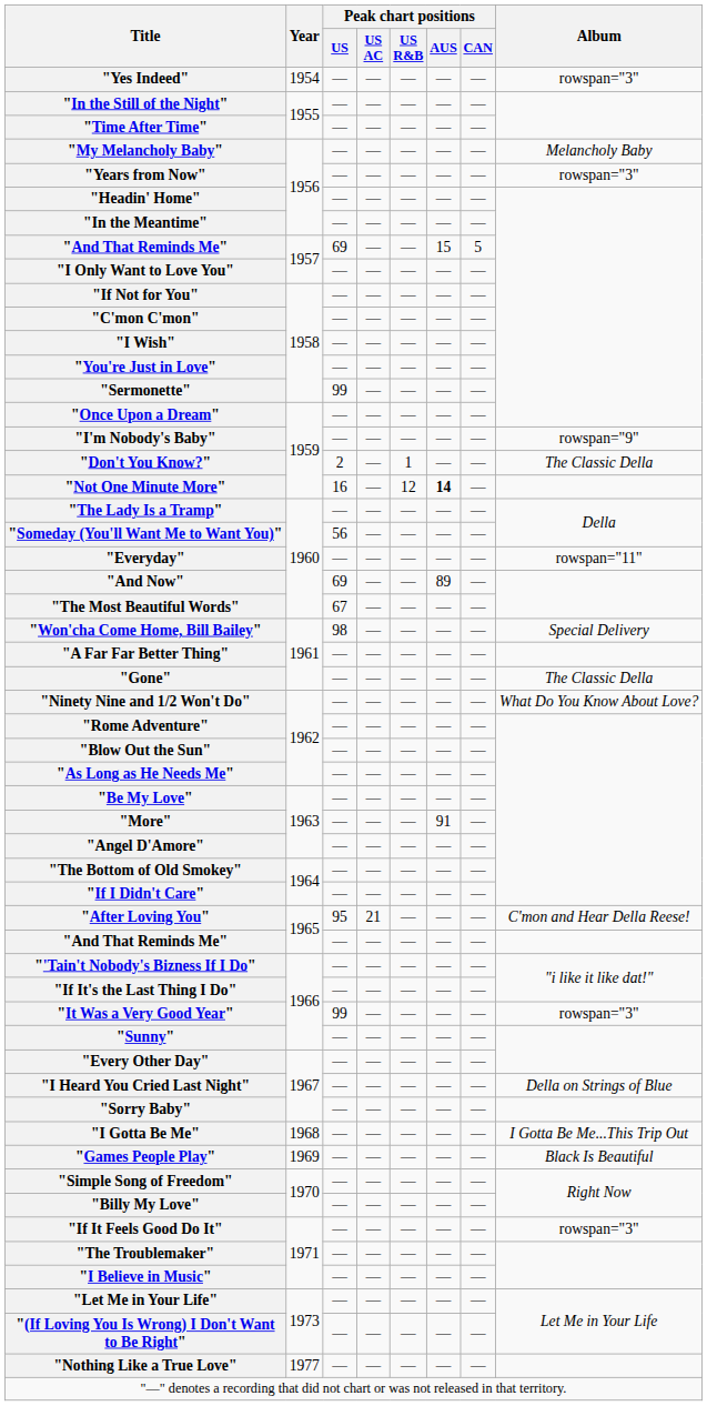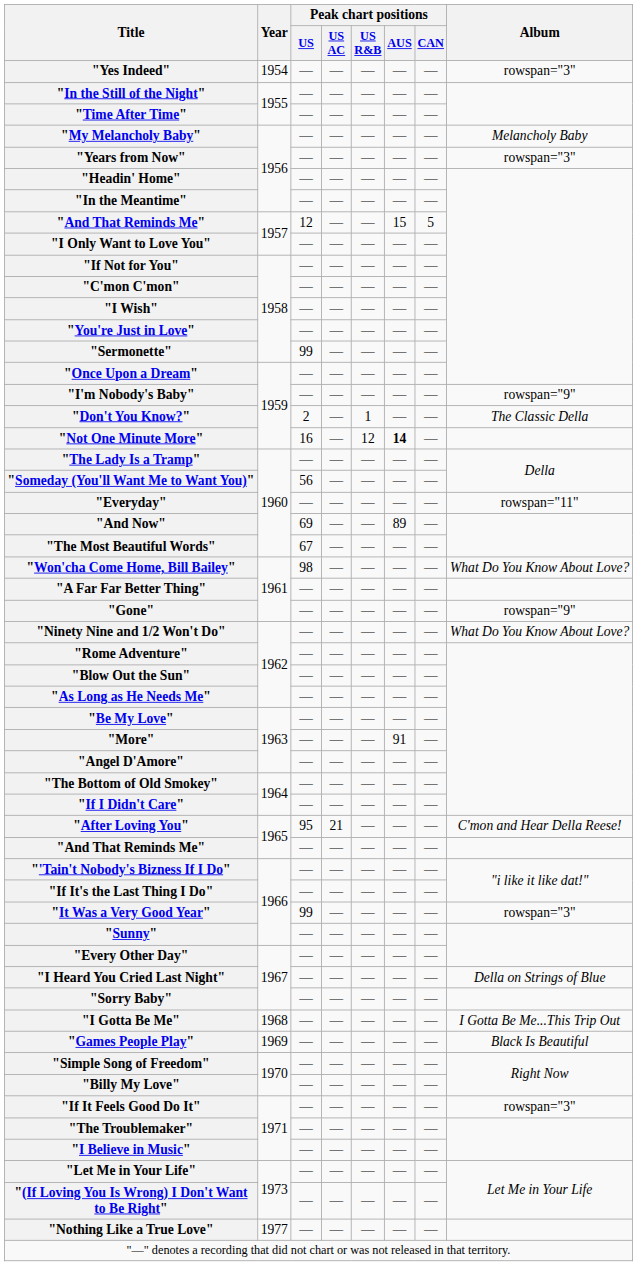 <table class="wikitable plainrowheaders" style="text-align:center;" border="1">
 <tr>
 <th scope="col" rowspan="2" style="width:18m;">Title</th>
 <th scope="col" rowspan="2">Year</th>
 <th scope="col" colspan="5">Peak chart positions</th>
 <th scope="col" rowspan="2">Album</th>
 </tr>
 <tr>
 <th scope="col" style="width:2em;font-size:90%;"><a href='#'>US</a><br></th>
 <th scope="col" style="width:2em;font-size:90%;"><a href='#'>US<br>AC</a><br></th>
 <th scope="col" style="width:2em;font-size:90%;"><a href='#'>US<br>R&B</a><br></th>
 <th scope="col" style="width:2em;font-size:90%;"><a href='#'>AUS</a><br></th>
 <th scope="col" style="width:2em;font-size:90%;"><a href='#'>CAN</a><br></th>
 </tr>
 <tr>
 <th scope="row">"Yes Indeed"</th>
 <td>1954</td>
 <td>—</td>
 <td>—</td>
 <td>—</td>
 <td>—</td>
 <td>—</td>
 <td>rowspan="3" </td>
 </tr>
 <tr>
 <th scope="row">"<a href='#'>In the Still of the Night</a>"</th>
 <td rowspan="2">1955</td>
 <td>—</td>
 <td>—</td>
 <td>—</td>
 <td>—</td>
 <td>—</td>
 </tr>
 <tr>
 <th scope="row">"<a href='#'>Time After Time</a>"</th>
 <td>—</td>
 <td>—</td>
 <td>—</td>
 <td>—</td>
 <td>—</td>
 </tr>
 <tr>
 <th scope="row">"<a href='#'>My Melancholy Baby</a>"</th>
 <td rowspan="4">1956</td>
 <td>—</td>
 <td>—</td>
 <td>—</td>
 <td>—</td>
 <td>—</td>
 <td><em>Melancholy Baby</em></td>
 </tr>
 <tr>
 <th scope="row">"Years from Now"</th>
 <td>—</td>
 <td>—</td>
 <td>—</td>
 <td>—</td>
 <td>—</td>
 <td>rowspan="3" </td>
 </tr>
 <tr>
 <th scope="row">"Headin' Home"</th>
 <td>—</td>
 <td>—</td>
 <td>—</td>
 <td>—</td>
 <td>—</td>
 </tr>
 <tr>
 <th scope="row">"In the Meantime"</th>
 <td>—</td>
 <td>—</td>
 <td>—</td>
 <td>—</td>
 <td>—</td>
 </tr>
 <tr>
 <th scope="row">"<a href='#'>And That Reminds Me</a>"</th>
 <td rowspan="2">1957</td>
-<td>69</td>
+<td>12</td>
 <td>—</td>
 <td>—</td>
 <td>15</td>
 <td>5</td>
 </tr>
 <tr>
 <th scope="row">"I Only Want to Love You"</th>
 <td>—</td>
 <td>—</td>
 <td>—</td>
 <td>—</td>
 <td>—</td>
 </tr>
 <tr>
 <th scope="row">"If Not for You"</th>
 <td rowspan="5">1958</td>
 <td>—</td>
 <td>—</td>
 <td>—</td>
 <td>—</td>
 <td>—</td>
 </tr>
 <tr>
 <th scope="row">"C'mon C'mon"</th>
 <td>—</td>
 <td>—</td>
 <td>—</td>
 <td>—</td>
 <td>—</td>
 </tr>
 <tr>
 <th scope="row">"I Wish"</th>
 <td>—</td>
 <td>—</td>
 <td>—</td>
 <td>—</td>
 <td>—</td>
 </tr>
 <tr>
 <th scope="row">"<a href='#'>You're Just in Love</a>"<br></th>
 <td>—</td>
 <td>—</td>
 <td>—</td>
 <td>—</td>
 <td>—</td>
 </tr>
 <tr>
 <th scope="row">"Sermonette"</th>
 <td>99</td>
 <td>—</td>
 <td>—</td>
 <td>—</td>
 <td>—</td>
 </tr>
 <tr>
 <th scope="row">"<a href='#'>Once Upon a Dream</a>"</th>
 <td rowspan="4">1959</td>
 <td>—</td>
 <td>—</td>
 <td>—</td>
 <td>—</td>
 <td>—</td>
 </tr>
 <tr>
 <th scope="row">"I'm Nobody's Baby"</th>
 <td>—</td>
 <td>—</td>
 <td>—</td>
 <td>—</td>
 <td>—</td>
 <td>rowspan="9" </td>
 </tr>
 <tr>
 <th scope="row">"<a href='#'>Don't You Know?</a>"</th>
 <td>2</td>
 <td>—</td>
 <td>1</td>
 <td>—</td>
 <td>—</td>
 <td><em>The Classic Della</em></td>
 </tr>
 <tr>
 <th scope="row">"<a href='#'>Not One Minute More</a>"</th>
 <td>16</td>
 <td>—</td>
 <td>12</td>
 <td><strong>14</strong></td>
 <td>—</td>
 <td></td>
 </tr>
 <tr>
 <th scope="row">"<a href='#'>The Lady Is a Tramp</a>"</th>
 <td rowspan="5">1960</td>
 <td>—</td>
 <td>—</td>
 <td>—</td>
 <td>—</td>
 <td>—</td>
 <td rowspan="2"><em>Della</em></td>
 </tr>
 <tr>
 <th scope="row">"<a href='#'>Someday (You'll Want Me to Want You)</a>"</th>
 <td>56</td>
 <td>—</td>
 <td>—</td>
 <td>—</td>
 <td>—</td>
 </tr>
 <tr>
 <th scope="row">"Everyday"</th>
 <td>—</td>
 <td>—</td>
 <td>—</td>
 <td>—</td>
 <td>—</td>
 <td>rowspan="11" </td>
 </tr>
 <tr>
 <th scope="row">"And Now"</th>
 <td>69</td>
 <td>—</td>
 <td>—</td>
 <td>89</td>
 <td>—</td>
 </tr>
 <tr>
 <th scope="row">"The Most Beautiful Words"</th>
 <td>67</td>
 <td>—</td>
 <td>—</td>
 <td>—</td>
 <td>—</td>
 </tr>
 <tr>
 <th scope="row">"<a href='#'>Won'cha Come Home, Bill Bailey</a>"</th>
 <td rowspan="3">1961</td>
 <td>98</td>
 <td>—</td>
 <td>—</td>
 <td>—</td>
 <td>—</td>
-<td><em>Special Delivery</em></td>
+<td><em>What Do You Know About Love?</em></td>
 </tr>
 <tr>
 <th scope="row">"A Far Far Better Thing"</th>
 <td>—</td>
 <td>—</td>
 <td>—</td>
 <td>—</td>
 <td>—</td>
 <td></td>
 </tr>
 <tr>
 <th scope="row">"Gone"</th>
 <td>—</td>
 <td>—</td>
 <td>—</td>
 <td>—</td>
 <td>—</td>
-<td><em>The Classic Della</em></td>
+<td>rowspan="9" </td>
 </tr>
 <tr>
 <th scope="row">"Ninety Nine and 1/2 Won't Do"<br></th>
 <td rowspan="4">1962</td>
 <td>—</td>
 <td>—</td>
 <td>—</td>
 <td>—</td>
 <td>—</td>
 <td><em>What Do You Know About Love?</em></td>
 </tr>
 <tr>
 <th scope="row">"Rome Adventure"</th>
 <td>—</td>
 <td>—</td>
 <td>—</td>
 <td>—</td>
 <td>—</td>
 </tr>
 <tr>
 <th scope="row">"Blow Out the Sun"</th>
 <td>—</td>
 <td>—</td>
 <td>—</td>
 <td>—</td>
 <td>—</td>
 </tr>
 <tr>
 <th scope="row">"<a href='#'>As Long as He Needs Me</a>"</th>
 <td>—</td>
 <td>—</td>
 <td>—</td>
 <td>—</td>
 <td>—</td>
 </tr>
 <tr>
 <th scope="row">"<a href='#'>Be My Love</a>"</th>
 <td rowspan="3">1963</td>
 <td>—</td>
 <td>—</td>
 <td>—</td>
 <td>—</td>
 <td>—</td>
 </tr>
 <tr>
 <th scope="row">"More"</th>
 <td>—</td>
 <td>—</td>
 <td>—</td>
 <td>91</td>
 <td>—</td>
 </tr>
 <tr>
 <th scope="row">"Angel D'Amore"</th>
 <td>—</td>
 <td>—</td>
 <td>—</td>
 <td>—</td>
 <td>—</td>
 </tr>
 <tr>
 <th scope="row">"The Bottom of Old Smokey"</th>
 <td rowspan="2">1964</td>
 <td>—</td>
 <td>—</td>
 <td>—</td>
 <td>—</td>
 <td>—</td>
 </tr>
 <tr>
 <th scope="row">"<a href='#'>If I Didn't Care</a>"</th>
 <td>—</td>
 <td>—</td>
 <td>—</td>
 <td>—</td>
 <td>—</td>
 </tr>
 <tr>
 <th scope="row">"<a href='#'>After Loving You</a>"</th>
 <td rowspan="2">1965</td>
 <td>95</td>
 <td>21</td>
 <td>—</td>
 <td>—</td>
 <td>—</td>
 <td><em>C'mon and Hear Della Reese!</em></td>
 </tr>
 <tr>
 <th scope="row">"And That Reminds Me"</th>
 <td>—</td>
 <td>—</td>
 <td>—</td>
 <td>—</td>
 <td>—</td>
 <td></td>
 </tr>
 <tr>
 <th scope="row">"<a href='#'>'Tain't Nobody's Bizness If I Do</a>"</th>
 <td rowspan="4">1966</td>
 <td>—</td>
 <td>—</td>
 <td>—</td>
 <td>—</td>
 <td>—</td>
 <td rowspan="2"><em>"i like it like dat!"</em></td>
 </tr>
 <tr>
 <th scope="row">"If It's the Last Thing I Do"</th>
 <td>—</td>
 <td>—</td>
 <td>—</td>
 <td>—</td>
 <td>—</td>
 </tr>
 <tr>
 <th scope="row">"<a href='#'>It Was a Very Good Year</a>"</th>
 <td>99</td>
 <td>—</td>
 <td>—</td>
 <td>—</td>
 <td>—</td>
 <td>rowspan="3" </td>
 </tr>
 <tr>
 <th scope="row">"<a href='#'>Sunny</a>"</th>
 <td>—</td>
 <td>—</td>
 <td>—</td>
 <td>—</td>
 <td>—</td>
 </tr>
 <tr>
 <th scope="row">"Every Other Day"</th>
 <td rowspan="3">1967</td>
 <td>—</td>
 <td>—</td>
 <td>—</td>
 <td>—</td>
 <td>—</td>
 </tr>
 <tr>
 <th scope="row">"I Heard You Cried Last Night"</th>
 <td>—</td>
 <td>—</td>
 <td>—</td>
 <td>—</td>
 <td>—</td>
 <td><em>Della on Strings of Blue</em></td>
 </tr>
 <tr>
 <th scope="row">"Sorry Baby"</th>
 <td>—</td>
 <td>—</td>
 <td>—</td>
 <td>—</td>
 <td>—</td>
 <td></td>
 </tr>
 <tr>
 <th scope="row">"I Gotta Be Me"</th>
 <td>1968</td>
 <td>—</td>
 <td>—</td>
 <td>—</td>
 <td>—</td>
 <td>—</td>
 <td><em>I Gotta Be Me...This Trip Out</em></td>
 </tr>
 <tr>
 <th scope="row">"<a href='#'>Games People Play</a>"</th>
 <td>1969</td>
 <td>—</td>
 <td>—</td>
 <td>—</td>
 <td>—</td>
 <td>—</td>
 <td><em>Black Is Beautiful</em></td>
 </tr>
 <tr>
 <th scope="row">"Simple Song of Freedom"</th>
 <td rowspan="2">1970</td>
 <td>—</td>
 <td>—</td>
 <td>—</td>
 <td>—</td>
 <td>—</td>
 <td rowspan="2"><em>Right Now</em></td>
 </tr>
 <tr>
 <th scope="row">"Billy My Love"</th>
 <td>—</td>
 <td>—</td>
 <td>—</td>
 <td>—</td>
 <td>—</td>
 </tr>
 <tr>
 <th scope="row">"If It Feels Good Do It"</th>
 <td rowspan="3">1971</td>
 <td>—</td>
 <td>—</td>
 <td>—</td>
 <td>—</td>
 <td>—</td>
 <td>rowspan="3" </td>
 </tr>
 <tr>
 <th scope="row">"The Troublemaker"</th>
 <td>—</td>
 <td>—</td>
 <td>—</td>
 <td>—</td>
 <td>—</td>
 </tr>
 <tr>
 <th scope="row">"<a href='#'>I Believe in Music</a>"</th>
 <td>—</td>
 <td>—</td>
 <td>—</td>
 <td>—</td>
 <td>—</td>
 </tr>
 <tr>
 <th scope="row">"Let Me in Your Life"</th>
 <td rowspan="2">1973</td>
 <td>—</td>
 <td>—</td>
 <td>—</td>
 <td>—</td>
 <td>—</td>
 <td rowspan="2"><em>Let Me in Your Life</em></td>
 </tr>
 <tr>
 <th scope="row">"<a href='#'>(If Loving You Is Wrong) I Don't Want<br>to Be Right</a>"</th>
 <td>—</td>
 <td>—</td>
 <td>—</td>
 <td>—</td>
 <td>—</td>
 </tr>
 <tr>
 <th scope="row">"Nothing Like a True Love"</th>
 <td>1977</td>
 <td>—</td>
 <td>—</td>
 <td>—</td>
 <td>—</td>
 <td>—</td>
 <td></td>
 </tr>
 <tr>
 <td colspan="8" style="font-size:90%">"—" denotes a recording that did not chart or was not released in that territory.</td>
 </tr>
 </table>
